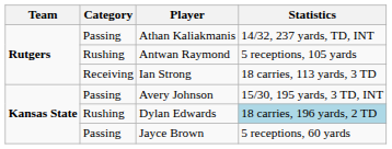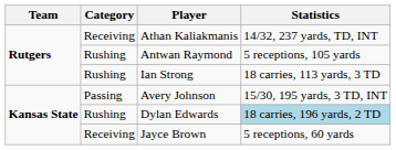 <table class="wikitable" style="float: right;">
 <tr>
 <th>Team</th>
 <th>Category</th>
 <th>Player</th>
 <th>Statistics</th>
 </tr>
 <tr>
 <td rowspan=3><strong>Rutgers</strong></td>
-<td>Passing</td>
+<td>Receiving</td>
 <td>Athan Kaliakmanis</td>
 <td>14/32, 237 yards, TD, INT</td>
 </tr>
 <tr>
 <td>Rushing</td>
 <td>Antwan Raymond</td>
 <td>5 receptions, 105 yards</td>
 </tr>
 <tr>
-<td>Receiving</td>
+<td>Rushing</td>
 <td>Ian Strong</td>
 <td>18 carries, 113 yards, 3 TD</td>
 </tr>
 <tr>
 <td rowspan=3><strong>Kansas State</strong></td>
 <td>Passing</td>
 <td>Avery Johnson</td>
 <td>15/30, 195 yards, 3 TD, INT</td>
 </tr>
 <tr>
 <td>Rushing</td>
 <td>Dylan Edwards</td>
 <td style="background: lightblue;">18 carries, 196 yards, 2 TD</td>
 </tr>
 <tr>
-<td>Passing</td>
+<td>Receiving</td>
 <td>Jayce Brown</td>
 <td>5 receptions, 60 yards</td>
 </tr>
 </table>
